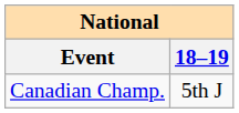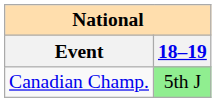 <table class="wikitable" style="text-align:center">
 <tr>
 <th colspan="2" style="background-color: #ffdead; " align="center">National</th>
 </tr>
 <tr>
 <th>Event</th>
 <th><a href='#'>18–19</a></th>
 </tr>
 <tr>
 <td align="left"><a href='#'>Canadian Champ.</a></td>
-<td>5th J</td>
+<td style="background: lightgreen;">5th J</td>
 </tr>
 </table>
